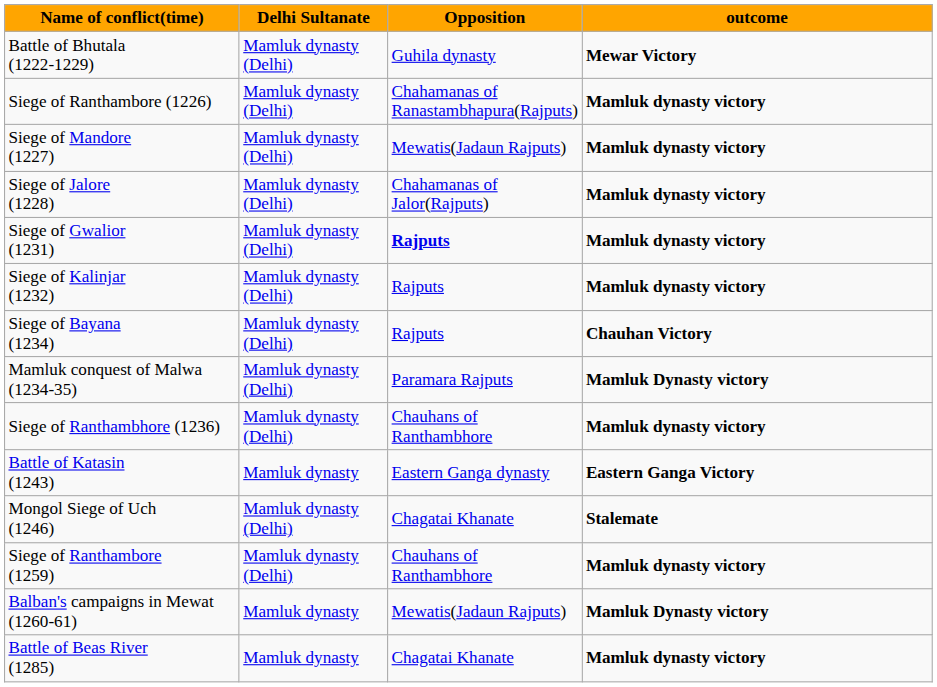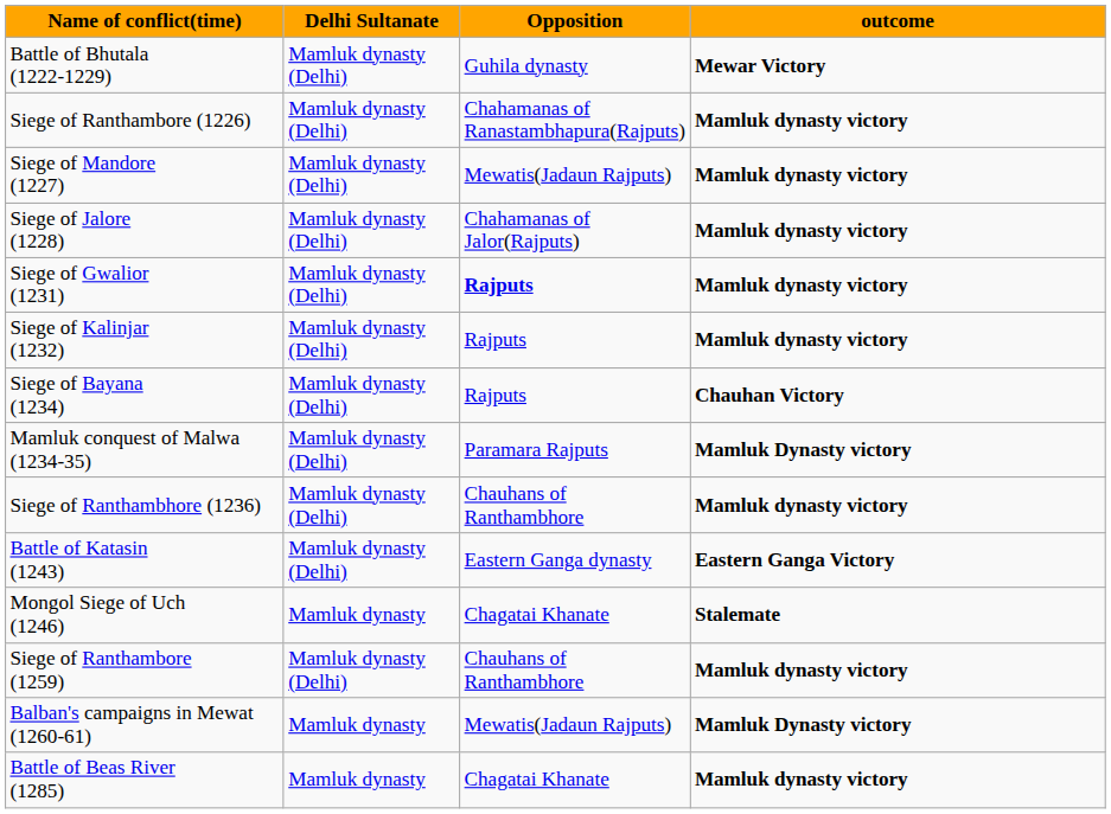 <table class="wikitable">
 <tr>
 <th style="background:orange;"><span>Name of conflict(time)</span></th>
 <th style="background:orange;widh:150px;"><span>Delhi Sultanate</span></th>
 <th style="background:orange;width:150px;"><span> Opposition</span></th>
 <th style="background:orange;width:320px;"><span>outcome</span></th>
 </tr>
 <tr>
 <td>Battle of Bhutala<br>(1222-1229)</td>
 <td><a href='#'>Mamluk dynasty (Delhi)</a></td>
 <td><a href='#'>Guhila dynasty</a></td>
 <td><strong>Mewar Victory</strong></td>
 </tr>
 <tr>
 <td>Siege of Ranthambore (1226)</td>
 <td><a href='#'>Mamluk dynasty (Delhi)</a></td>
 <td><a href='#'>Chahamanas of Ranastambhapura</a>(<a href='#'>Rajputs</a>)</td>
 <td><strong>Mamluk dynasty victory</strong></td>
 </tr>
 <tr>
 <td>Siege of <a href='#'>Mandore</a><br>(1227)</td>
 <td><a href='#'>Mamluk dynasty (Delhi)</a></td>
 <td><a href='#'>Mewatis</a>(<a href='#'>Jadaun Rajputs</a>)</td>
 <td><strong>Mamluk dynasty victory</strong></td>
 </tr>
 <tr>
 <td>Siege of <a href='#'>Jalore</a><br>(1228)</td>
 <td><a href='#'>Mamluk dynasty (Delhi)</a></td>
 <td><a href='#'>Chahamanas of Jalor</a>(<a href='#'>Rajputs</a>)</td>
 <td><strong>Mamluk dynasty victory</strong></td>
 </tr>
 <tr>
 <td>Siege of <a href='#'>Gwalior</a><br>(1231)</td>
 <td><a href='#'>Mamluk dynasty (Delhi)</a></td>
 <td><strong><a href='#'>Rajputs</a></strong></td>
 <td><strong>Mamluk dynasty victory</strong></td>
 </tr>
 <tr>
 <td>Siege of <a href='#'>Kalinjar</a><br>(1232)</td>
 <td><a href='#'>Mamluk dynasty (Delhi)</a></td>
 <td><a href='#'>Rajputs</a></td>
 <td><strong>Mamluk dynasty victory</strong></td>
 </tr>
 <tr>
 <td>Siege of <a href='#'>Bayana</a><br> (1234)</td>
 <td><a href='#'>Mamluk dynasty (Delhi)</a></td>
 <td><a href='#'>Rajputs</a></td>
 <td><strong>Chauhan Victory</strong></td>
 </tr>
 <tr>
 <td>Mamluk conquest of Malwa<br>(1234-35)</td>
 <td><a href='#'>Mamluk dynasty (Delhi)</a></td>
 <td><a href='#'>Paramara Rajputs</a></td>
 <td><strong>Mamluk Dynasty victory</strong></td>
 </tr>
 <tr>
 <td>Siege of <a href='#'>Ranthambhore</a> (1236)</td>
 <td><a href='#'>Mamluk dynasty (Delhi)</a></td>
 <td><a href='#'>Chauhans of Ranthambhore</a></td>
 <td><strong>Mamluk dynasty victory</strong></td>
 </tr>
 <tr>
 <td><a href='#'>Battle of Katasin</a><br>(1243)</td>
-<td><a href='#'>Mamluk dynasty</a></td>
+<td><a href='#'>Mamluk dynasty (Delhi)</a></td>
 <td><a href='#'>Eastern Ganga dynasty</a></td>
 <td><strong>Eastern Ganga Victory</strong></td>
 </tr>
 <tr>
 <td>Mongol Siege of Uch<br>(1246)</td>
-<td><a href='#'>Mamluk dynasty (Delhi)</a></td>
+<td><a href='#'>Mamluk dynasty</a></td>
 <td><a href='#'>Chagatai Khanate</a></td>
 <td><strong>Stalemate</strong></td>
 </tr>
 <tr>
 <td>Siege of <a href='#'>Ranthambore</a><br>(1259)</td>
 <td><a href='#'>Mamluk dynasty (Delhi)</a></td>
 <td><a href='#'>Chauhans of Ranthambhore</a></td>
 <td><strong>Mamluk dynasty victory</strong></td>
 </tr>
 <tr>
 <td><a href='#'>Balban's</a> campaigns in Mewat (1260-61)</td>
 <td><a href='#'>Mamluk dynasty</a></td>
 <td><a href='#'>Mewatis</a>(<a href='#'>Jadaun Rajputs</a>)</td>
 <td><strong>Mamluk Dynasty victory</strong></td>
 </tr>
 <tr>
 <td><a href='#'>Battle of Beas River</a><br>(1285)</td>
 <td><a href='#'>Mamluk dynasty</a></td>
 <td><a href='#'>Chagatai Khanate</a></td>
 <td><strong>Mamluk dynasty victory</strong></td>
 </tr>
 </table>
